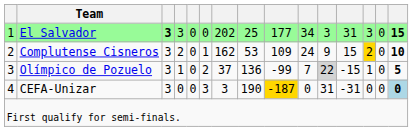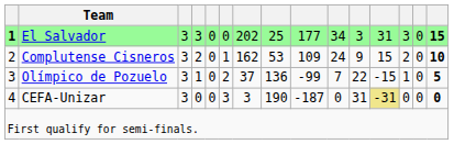 <table class="wikitable" style="text-align:center;">
 <tr>
 <th></th>
 <th>Team</th>
 <th></th>
 <th></th>
 <th></th>
 <th></th>
 <th></th>
 <th></th>
 <th></th>
 <th></th>
 <th></th>
 <th></th>
 <th></th>
 <th></th>
 <th></th>
 </tr>
 <tr bgcolor=palegreen>
-<td>1</td>
+<td><strong>1</strong></td>
 <td align="left"><a href='#'>El Salvador</a></td>
-<td><strong>3</strong></td>
+<td>3</td>
 <td>3</td>
 <td>0</td>
 <td>0</td>
 <td>202</td>
 <td>25</td>
 <td>177</td>
 <td>34</td>
 <td>3</td>
 <td>31</td>
 <td>3</td>
 <td>0</td>
 <td><strong>15</strong></td>
 </tr>
 <tr>
 <td>2</td>
 <td align="left"><a href='#'>Complutense Cisneros</a></td>
 <td>3</td>
 <td>2</td>
 <td>0</td>
 <td>1</td>
 <td>162</td>
 <td>53</td>
 <td>109</td>
 <td>24</td>
 <td>9</td>
 <td>15</td>
-<td style="background: gold;">2</td>
+<td>2</td>
 <td>0</td>
 <td><strong>10</strong></td>
 </tr>
 <tr>
 <td>3</td>
 <td align="left"><a href='#'>Olímpico de Pozuelo</a></td>
 <td>3</td>
 <td>1</td>
 <td>0</td>
 <td>2</td>
 <td>37</td>
 <td>136</td>
 <td>-99</td>
 <td>7</td>
-<td style="background: lightgrey;">22</td>
+<td>22</td>
 <td>-15</td>
 <td>1</td>
 <td>0</td>
 <td><strong>5</strong></td>
 </tr>
 <tr>
 <td>4</td>
 <td align="left">CEFA-Unizar</td>
 <td>3</td>
 <td>0</td>
 <td>0</td>
 <td>3</td>
 <td>3</td>
 <td>190</td>
-<td style="background: gold;">-187</td>
+<td>-187</td>
 <td>0</td>
 <td>31</td>
-<td>-31</td>
+<td style="background: khaki;">-31</td>
 <td>0</td>
 <td>0</td>
-<td style="background: lightblue;"><strong>0</strong></td>
+<td><strong>0</strong></td>
 </tr>
 <tr | style="text-align:left;" |>
 <td colspan="15" style="border:0px; font-size:smaller"><br><span>First</span> qualify for semi-finals.</td>
 </tr>
 </table>
